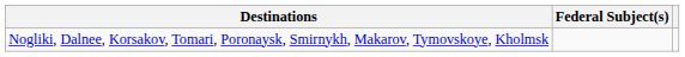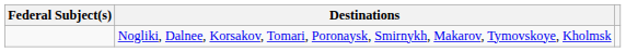 <table class="wikitable">
 <tr>
+<th>Federal Subject(s)</th>
 <th>Destinations</th>
-<th>Federal Subject(s)</th>
 <th></th>
 </tr>
 <tr>
+<td></td>
 <td><a href='#'>Nogliki</a>, <a href='#'>Dalnee</a>, <a href='#'>Korsakov</a>, <a href='#'>Tomari</a>, <a href='#'>Poronaysk</a>, <a href='#'>Smirnykh</a>, <a href='#'>Makarov</a>, <a href='#'>Tymovskoye</a>, <a href='#'>Kholmsk</a></td>
-<td></td>
 <td></td>
 </tr>
 </table>
